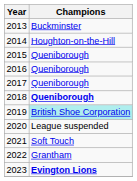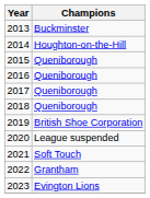 <table class="wikitable" style="font-size:85%">
 <tr>
 <th>Year</th>
 <th>Champions</th>
 </tr>
 <tr>
 <td>2013</td>
 <td><a href='#'>Buckminster</a></td>
 </tr>
 <tr>
 <td>2014</td>
 <td><a href='#'>Houghton-on-the-Hill</a></td>
 </tr>
 <tr>
 <td>2015</td>
 <td><a href='#'>Queniborough</a></td>
 </tr>
 <tr>
 <td>2016</td>
 <td><a href='#'>Queniborough</a></td>
 </tr>
 <tr>
 <td>2017</td>
 <td><a href='#'>Queniborough</a></td>
 </tr>
 <tr>
 <td>2018</td>
-<td><strong><a href='#'>Queniborough</a></strong></td>
+<td><a href='#'>Queniborough</a></td>
 </tr>
 <tr>
 <td>2019</td>
-<td style="background: paleturquoise;"><a href='#'>British Shoe Corporation</a></td>
+<td><a href='#'>British Shoe Corporation</a></td>
 </tr>
 <tr>
 <td>2020</td>
 <td>League suspended</td>
 </tr>
 <tr>
 <td>2021</td>
 <td><a href='#'>Soft Touch</a></td>
 </tr>
 <tr>
 <td>2022</td>
 <td><a href='#'>Grantham</a></td>
 </tr>
 <tr>
 <td>2023</td>
-<td><strong><a href='#'>Evington Lions</a></strong></td>
+<td><a href='#'>Evington Lions</a></td>
 </tr>
 <tr>
 </tr>
 </table>
